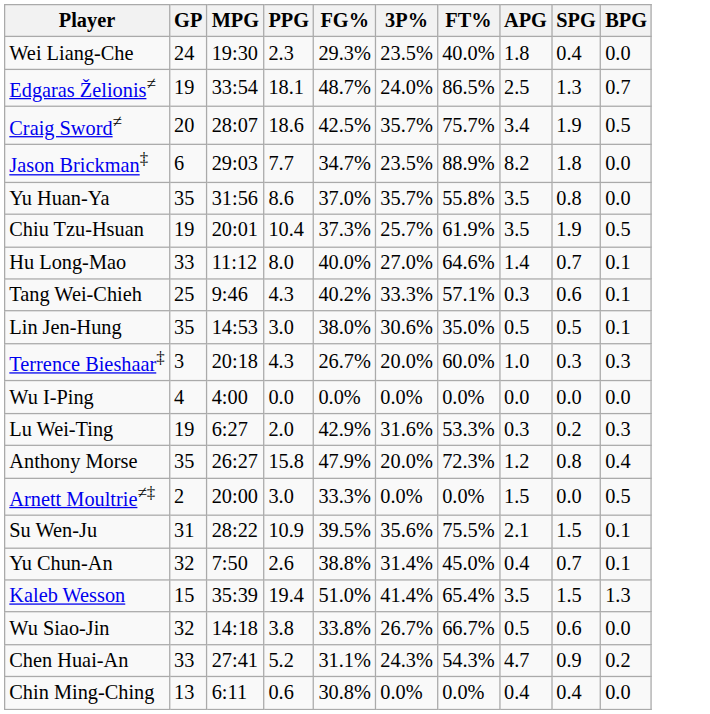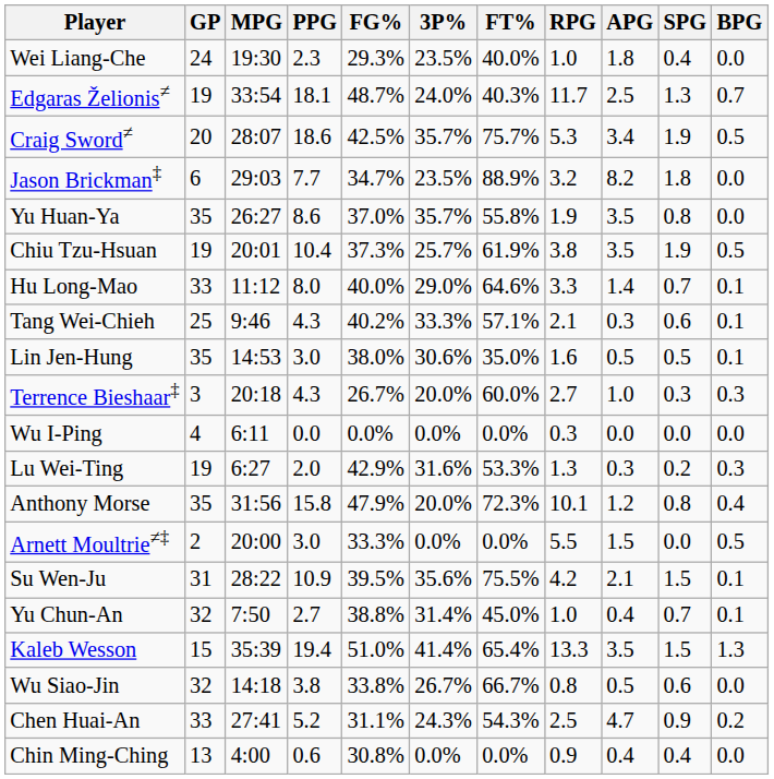 <table class="wikitable">
 <tr>
 <th>Player</th>
 <th>GP</th>
 <th>MPG</th>
 <th>PPG</th>
 <th>FG%</th>
 <th>3P%</th>
 <th>FT%</th>
+<th>RPG</th>
 <th>APG</th>
 <th>SPG</th>
 <th>BPG</th>
 </tr>
 <tr>
 <td>Wei Liang-Che</td>
 <td>24</td>
 <td>19:30</td>
 <td>2.3</td>
 <td>29.3%</td>
 <td>23.5%</td>
 <td>40.0%</td>
+<td>1.0</td>
 <td>1.8</td>
 <td>0.4</td>
 <td>0.0</td>
 </tr>
 <tr>
 <td><a href='#'>Edgaras Želionis</a><sup>≠</sup></td>
 <td>19</td>
 <td>33:54</td>
 <td>18.1</td>
 <td>48.7%</td>
 <td>24.0%</td>
-<td>86.5%</td>
+<td>40.3%</td>
+<td>11.7</td>
 <td>2.5</td>
 <td>1.3</td>
 <td>0.7</td>
 </tr>
 <tr>
 <td><a href='#'>Craig Sword</a><sup>≠</sup></td>
 <td>20</td>
 <td>28:07</td>
 <td>18.6</td>
 <td>42.5%</td>
 <td>35.7%</td>
 <td>75.7%</td>
+<td>5.3</td>
 <td>3.4</td>
 <td>1.9</td>
 <td>0.5</td>
 </tr>
 <tr>
 <td><a href='#'>Jason Brickman</a><sup>‡</sup></td>
 <td>6</td>
 <td>29:03</td>
 <td>7.7</td>
 <td>34.7%</td>
 <td>23.5%</td>
 <td>88.9%</td>
+<td>3.2</td>
 <td>8.2</td>
 <td>1.8</td>
 <td>0.0</td>
 </tr>
 <tr>
 <td>Yu Huan-Ya</td>
 <td>35</td>
-<td>31:56</td>
+<td>26:27</td>
 <td>8.6</td>
 <td>37.0%</td>
 <td>35.7%</td>
 <td>55.8%</td>
+<td>1.9</td>
 <td>3.5</td>
 <td>0.8</td>
 <td>0.0</td>
 </tr>
 <tr>
 <td>Chiu Tzu-Hsuan</td>
 <td>19</td>
 <td>20:01</td>
 <td>10.4</td>
 <td>37.3%</td>
 <td>25.7%</td>
 <td>61.9%</td>
+<td>3.8</td>
 <td>3.5</td>
 <td>1.9</td>
 <td>0.5</td>
 </tr>
 <tr>
 <td>Hu Long-Mao</td>
 <td>33</td>
 <td>11:12</td>
 <td>8.0</td>
 <td>40.0%</td>
-<td>27.0%</td>
+<td>29.0%</td>
 <td>64.6%</td>
+<td>3.3</td>
 <td>1.4</td>
 <td>0.7</td>
 <td>0.1</td>
 </tr>
 <tr>
 <td>Tang Wei-Chieh</td>
 <td>25</td>
 <td>9:46</td>
 <td>4.3</td>
 <td>40.2%</td>
 <td>33.3%</td>
 <td>57.1%</td>
+<td>2.1</td>
 <td>0.3</td>
 <td>0.6</td>
 <td>0.1</td>
 </tr>
 <tr>
 <td>Lin Jen-Hung</td>
 <td>35</td>
 <td>14:53</td>
 <td>3.0</td>
 <td>38.0%</td>
 <td>30.6%</td>
 <td>35.0%</td>
+<td>1.6</td>
 <td>0.5</td>
 <td>0.5</td>
 <td>0.1</td>
 </tr>
 <tr>
 <td><a href='#'>Terrence Bieshaar</a><sup>‡</sup></td>
 <td>3</td>
 <td>20:18</td>
 <td>4.3</td>
 <td>26.7%</td>
 <td>20.0%</td>
 <td>60.0%</td>
+<td>2.7</td>
 <td>1.0</td>
 <td>0.3</td>
 <td>0.3</td>
 </tr>
 <tr>
 <td>Wu I-Ping</td>
 <td>4</td>
-<td>4:00</td>
+<td>6:11</td>
 <td>0.0</td>
 <td>0.0%</td>
 <td>0.0%</td>
 <td>0.0%</td>
+<td>0.3</td>
 <td>0.0</td>
 <td>0.0</td>
 <td>0.0</td>
 </tr>
 <tr>
 <td>Lu Wei-Ting</td>
 <td>19</td>
 <td>6:27</td>
 <td>2.0</td>
 <td>42.9%</td>
 <td>31.6%</td>
 <td>53.3%</td>
+<td>1.3</td>
 <td>0.3</td>
 <td>0.2</td>
 <td>0.3</td>
 </tr>
 <tr>
 <td>Anthony Morse</td>
 <td>35</td>
-<td>26:27</td>
+<td>31:56</td>
 <td>15.8</td>
 <td>47.9%</td>
 <td>20.0%</td>
 <td>72.3%</td>
+<td>10.1</td>
 <td>1.2</td>
 <td>0.8</td>
 <td>0.4</td>
 </tr>
 <tr>
 <td><a href='#'>Arnett Moultrie</a><sup>≠‡</sup></td>
 <td>2</td>
 <td>20:00</td>
 <td>3.0</td>
 <td>33.3%</td>
 <td>0.0%</td>
 <td>0.0%</td>
+<td>5.5</td>
 <td>1.5</td>
 <td>0.0</td>
 <td>0.5</td>
 </tr>
 <tr>
 <td>Su Wen-Ju</td>
 <td>31</td>
 <td>28:22</td>
 <td>10.9</td>
 <td>39.5%</td>
 <td>35.6%</td>
 <td>75.5%</td>
+<td>4.2</td>
 <td>2.1</td>
 <td>1.5</td>
 <td>0.1</td>
 </tr>
 <tr>
 <td>Yu Chun-An</td>
 <td>32</td>
 <td>7:50</td>
-<td>2.6</td>
+<td>2.7</td>
 <td>38.8%</td>
 <td>31.4%</td>
 <td>45.0%</td>
+<td>1.0</td>
 <td>0.4</td>
 <td>0.7</td>
 <td>0.1</td>
 </tr>
 <tr>
 <td><a href='#'>Kaleb Wesson</a></td>
 <td>15</td>
 <td>35:39</td>
 <td>19.4</td>
 <td>51.0%</td>
 <td>41.4%</td>
 <td>65.4%</td>
+<td>13.3</td>
 <td>3.5</td>
 <td>1.5</td>
 <td>1.3</td>
 </tr>
 <tr>
 <td>Wu Siao-Jin</td>
 <td>32</td>
 <td>14:18</td>
 <td>3.8</td>
 <td>33.8%</td>
 <td>26.7%</td>
 <td>66.7%</td>
+<td>0.8</td>
 <td>0.5</td>
 <td>0.6</td>
 <td>0.0</td>
 </tr>
 <tr>
 <td>Chen Huai-An</td>
 <td>33</td>
 <td>27:41</td>
 <td>5.2</td>
 <td>31.1%</td>
 <td>24.3%</td>
 <td>54.3%</td>
+<td>2.5</td>
 <td>4.7</td>
 <td>0.9</td>
 <td>0.2</td>
 </tr>
 <tr>
 <td>Chin Ming-Ching</td>
 <td>13</td>
-<td>6:11</td>
+<td>4:00</td>
 <td>0.6</td>
 <td>30.8%</td>
 <td>0.0%</td>
 <td>0.0%</td>
+<td>0.9</td>
 <td>0.4</td>
 <td>0.4</td>
 <td>0.0</td>
 </tr>
 </table>
